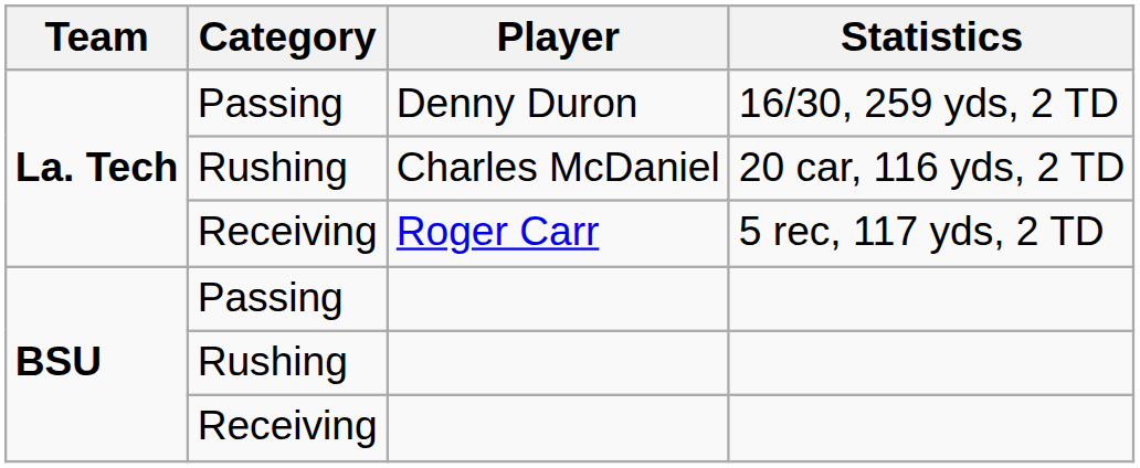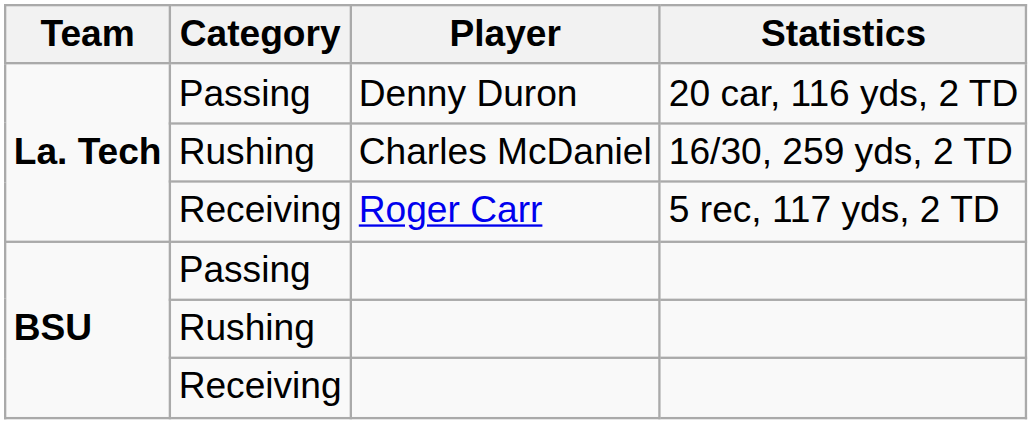 <table class="wikitable">
 <tr>
 <th>Team</th>
 <th>Category</th>
 <th>Player</th>
 <th>Statistics</th>
 </tr>
 <tr>
 <td rowspan=3><strong>La. Tech</strong></td>
 <td>Passing</td>
 <td>Denny Duron</td>
-<td>16/30, 259 yds, 2 TD</td>
+<td>20 car, 116 yds, 2 TD</td>
 </tr>
 <tr>
 <td>Rushing</td>
 <td>Charles McDaniel</td>
-<td>20 car, 116 yds, 2 TD</td>
+<td>16/30, 259 yds, 2 TD</td>
 </tr>
 <tr>
 <td>Receiving</td>
 <td><a href='#'>Roger Carr</a></td>
 <td>5 rec, 117 yds, 2 TD</td>
 </tr>
 <tr>
 <td rowspan=3><strong>BSU</strong></td>
 <td>Passing</td>
 <td></td>
 <td></td>
 </tr>
 <tr>
 <td>Rushing</td>
 <td></td>
 <td></td>
 </tr>
 <tr>
 <td>Receiving</td>
 <td></td>
 <td></td>
 </tr>
 </table>
